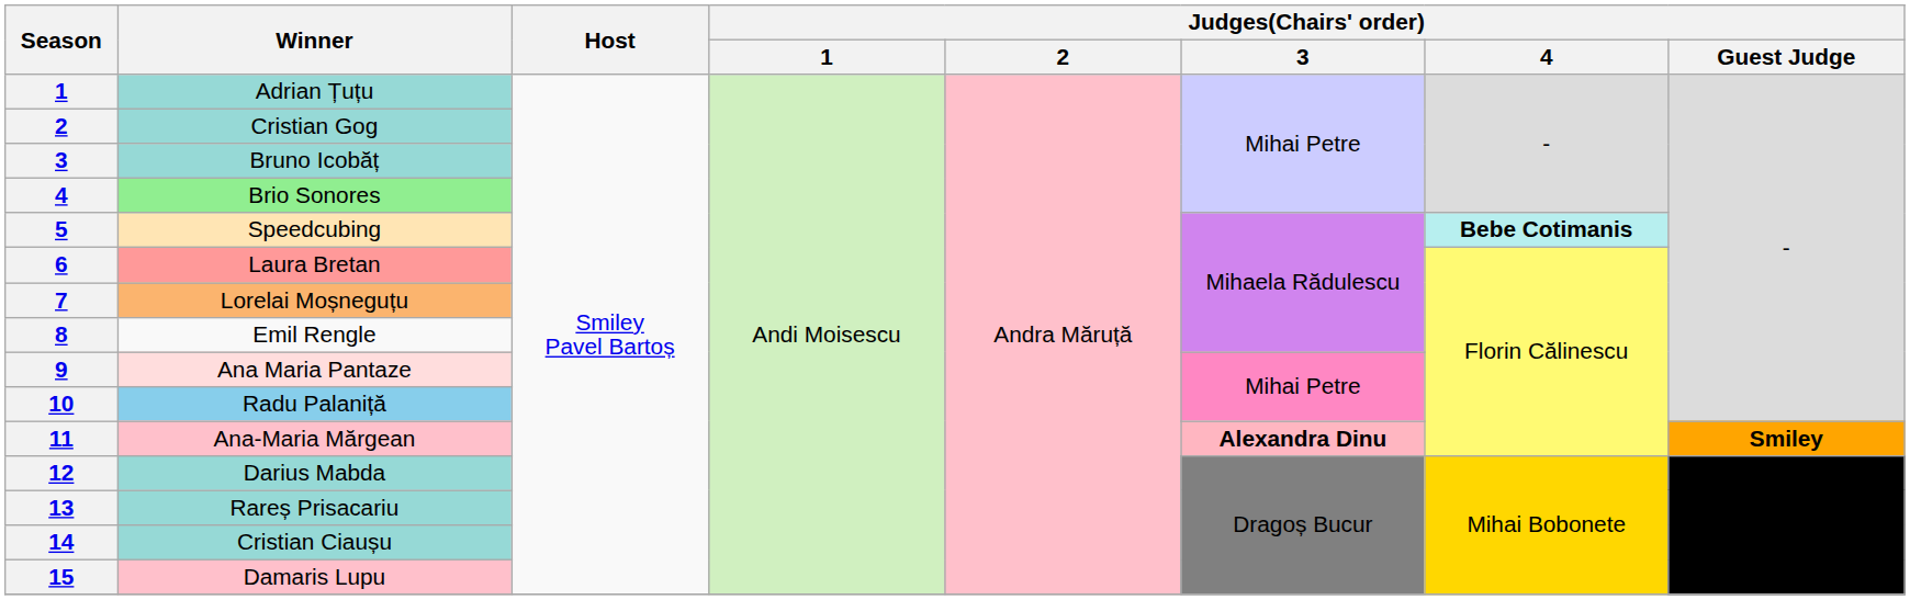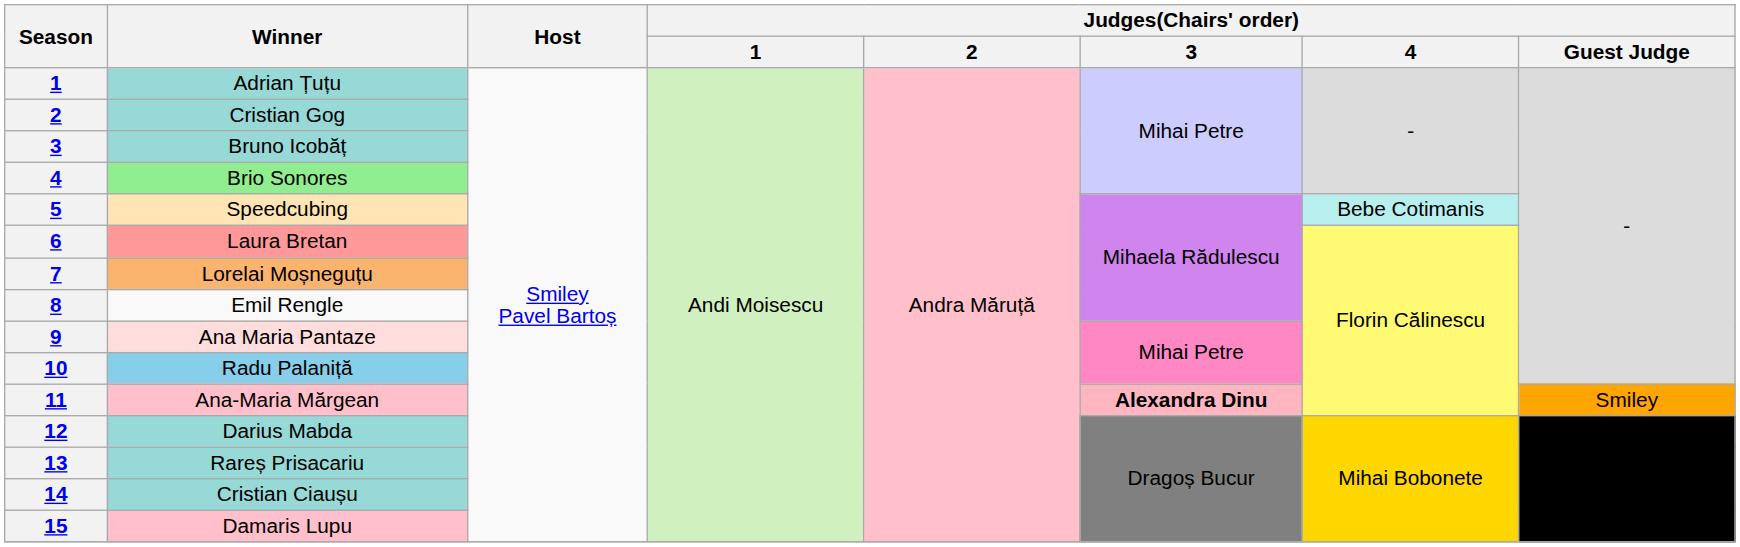 <table class="wikitable" style="text-align:center; font-size:95%; line-height:16px; width:100%">
 <tr>
 <th rowspan="2" scope="col" style="width:1%">Season</th>
 <th rowspan="2" scope="col" style="width:10%">Winner</th>
 <th rowspan="2" scope="col" style="width:5%">Host</th>
 <th colspan="8" scope="row">Judges(Chairs' order)</th>
 </tr>
 <tr>
 <th scope="col" style="width:6%">1</th>
 <th scope="col" style="width:6%">2</th>
 <th scope="col" style="width:6%">3</th>
 <th scope="col" style="width:6%">4</th>
 <th scope="col" style="width:6%">Guest Judge</th>
 </tr>
 <tr>
 <th scope="row" rowspan="1"><a href='#'>1</a></th>
 <td rowspan="1" style="background:#96D9D6">Adrian Țuțu</td>
 <td rowspan="15"><a href='#'>Smiley</a><br><a href='#'>Pavel Bartoș</a></td>
 <td rowspan="15" style="background:#d0f0c0 ">Andi Moisescu</td>
 <td rowspan="15" style="background:pink">Andra Măruță</td>
 <td rowspan="4" style="background:#ccf">Mihai Petre</td>
 <td rowspan="4" style="background:#dcdcdc">-</td>
 <td rowspan="10" style="background:#dcdcdc">-</td>
 </tr>
 <tr>
 <th scope="row" rowspan="1"><a href='#'>2</a></th>
 <td rowspan="1" style="background:#96D9D6">Cristian Gog</td>
 </tr>
 <tr>
 <th scope="row" rowspan="1"><a href='#'>3</a></th>
 <td rowspan="1" style="background:#96D9D6">Bruno Icobăț</td>
 </tr>
 <tr>
 <th scope="row" rowspan="1"><a href='#'>4</a></th>
 <td rowspan="1" style="background:lightgreen">Brio Sonores</td>
 </tr>
 <tr>
 <th scope="row" rowspan="1"><a href='#'>5</a></th>
 <td rowspan="1" style="background:#ffe5b4">Speedcubing</td>
 <td rowspan="4" style="background:#d084ee ">Mihaela Rădulescu</td>
-<td rowspan="1" style="background:#b7efef"><strong>Bebe Cotimanis</strong></td>
+<td rowspan="1" style="background:#b7efef">Bebe Cotimanis</td>
 </tr>
 <tr>
 <th scope="row" rowspan="1"><a href='#'>6</a></th>
 <td rowspan="1" style="background:#ff9999">Laura Bretan</td>
 <td rowspan="6" style="background:#fffa73">Florin Călinescu</td>
 </tr>
 <tr>
 <th scope="row" rowspan="1"><a href='#'>7</a></th>
 <td rowspan="1" style="background:#fbb46e">Lorelai Moșneguțu</td>
 </tr>
 <tr>
 <th scope="row" rowspan="1"><a href='#'>8</a></th>
 <td rowspan="1" style="background:##8deb87">Emil Rengle</td>
 </tr>
 <tr>
 <th scope="row" rowspan="1"><a href='#'>9</a></th>
 <td rowspan="1" style="background:#ffdddd">Ana Maria Pantaze</td>
 <td rowspan="2" style="background:#FF87C3">Mihai Petre</td>
 </tr>
 <tr>
 <th scope="row" rowspan="1"><a href='#'>10</a></th>
 <td rowspan="1" style="background:#87ceeb">Radu Palaniță</td>
 </tr>
 <tr>
 <th scope="row" rowspan="1"><a href='#'>11</a></th>
 <td rowspan="1" style="background:pink">Ana-Maria Mărgean</td>
 <td rowspan="1" style="background:lightpink"><strong>Alexandra Dinu</strong></td>
-<td rowspan="1" style="background:orange"><strong>Smiley</strong></td>
+<td rowspan="1" style="background:orange">Smiley</td>
 </tr>
 <tr>
 <th scope="row" rowspan="1"><a href='#'>12</a></th>
 <td rowspan="1" style="background:#96D9D6">Darius Mabda</td>
 <td rowspan="4" style="background:grey">Dragoș Bucur</td>
 <td rowspan="4" style="background:gold">Mihai Bobonete</td>
 <td rowspan="4" style="background:black">-</td>
 </tr>
 <tr>
 <th scope="row" rowspan="1"><a href='#'>13</a></th>
 <td rowspan="1" style="background:#96D9D6">Rareș Prisacariu</td>
 </tr>
 <tr>
 <th scope="row" rowspan="1"><a href='#'>14</a></th>
 <td rowspan="1" style="background:#96D9D6">Cristian Ciaușu</td>
 </tr>
 <tr>
 <th scope="row" rowspan="1"><a href='#'>15</a></th>
 <td rowspan="1" style="background:pink">Damaris Lupu</td>
 </tr>
 <tr>
 </tr>
 </table>
